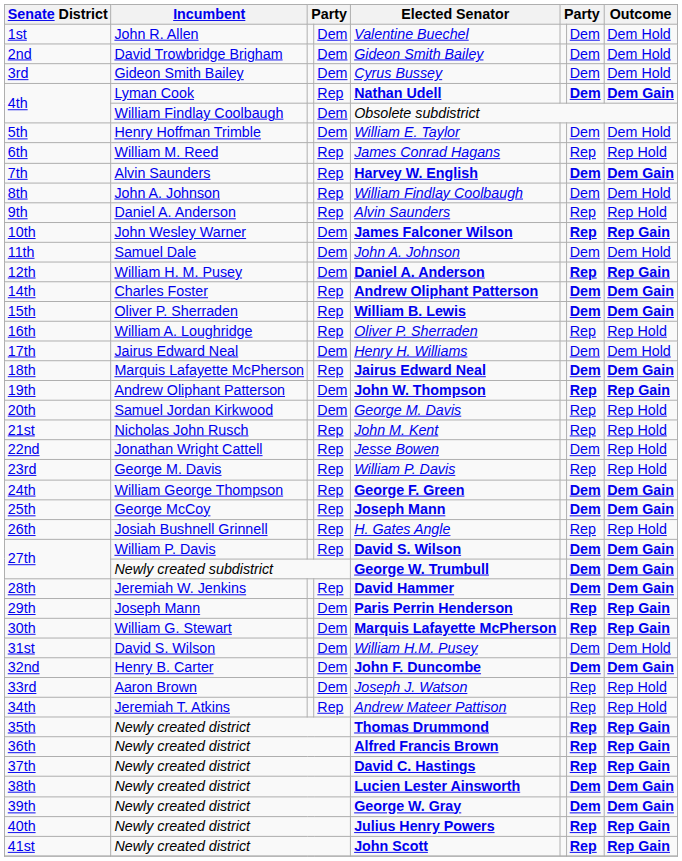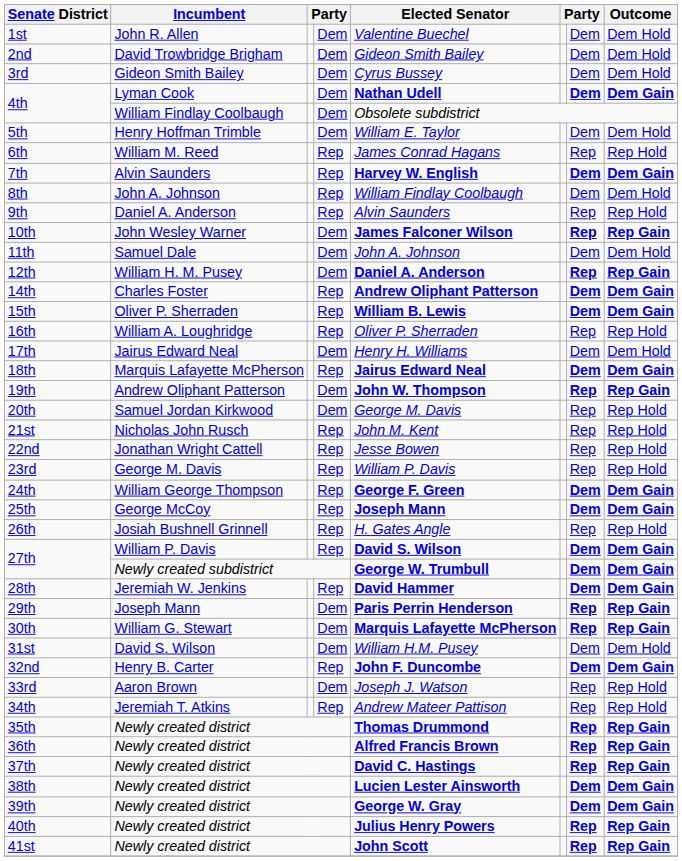 <table class="sortable wikitable" style="font-size:95%;line-height:14px;">
 <tr>
 <th class="sortable"><a href='#'>Senate</a> District</th>
 <th class="sortable"><a href='#'>Incumbent</a></th>
 <th colspan="2">Party</th>
 <th class="sortable">Elected Senator</th>
 <th colspan="2">Party</th>
 <th class="sortable">Outcome</th>
 </tr>
 <tr>
 <td><a href='#'>1st</a></td>
 <td><a href='#'>John R. Allen</a></td>
 <td style="background:"></td>
 <td><a href='#'>Dem</a></td>
 <td><em><a href='#'>Valentine Buechel</a></em></td>
 <td style="background:"></td>
 <td><a href='#'>Dem</a></td>
 <td><a href='#'>Dem Hold</a></td>
 </tr>
 <tr>
 <td><a href='#'>2nd</a></td>
 <td><a href='#'>David Trowbridge Brigham</a></td>
 <td style="background:"></td>
 <td><a href='#'>Dem</a></td>
 <td><em><a href='#'>Gideon Smith Bailey</a></em></td>
 <td style="background:"></td>
 <td><a href='#'>Dem</a></td>
 <td><a href='#'>Dem Hold</a></td>
 </tr>
 <tr>
 <td><a href='#'>3rd</a></td>
 <td><a href='#'>Gideon Smith Bailey</a></td>
 <td style="background:"></td>
 <td><a href='#'>Dem</a></td>
 <td><em><a href='#'>Cyrus Bussey</a></em></td>
 <td style="background:"></td>
 <td><a href='#'>Dem</a></td>
 <td><a href='#'>Dem Hold</a></td>
 </tr>
 <tr>
 <td rowspan="2"><a href='#'>4th</a></td>
 <td><a href='#'>Lyman Cook</a></td>
 <td style="background:"></td>
-<td><a href='#'>Rep</a></td>
+<td><a href='#'>Dem</a></td>
 <td><strong><a href='#'>Nathan Udell</a></strong></td>
 <td style="background:"></td>
 <td><strong><a href='#'>Dem</a></strong></td>
 <td><strong><a href='#'>Dem Gain</a></strong></td>
 </tr>
 <tr>
 <td><a href='#'>William Findlay Coolbaugh</a></td>
 <td style="background:"></td>
 <td><a href='#'>Dem</a></td>
 <td colspan="4" ><em>Obsolete subdistrict</em></td>
 </tr>
 <tr>
 <td><a href='#'>5th</a></td>
 <td><a href='#'>Henry Hoffman Trimble</a></td>
 <td style="background:"></td>
 <td><a href='#'>Dem</a></td>
 <td><em><a href='#'>William E. Taylor</a></em></td>
 <td style="background:"></td>
 <td><a href='#'>Dem</a></td>
 <td><a href='#'>Dem Hold</a></td>
 </tr>
 <tr>
 <td><a href='#'>6th</a></td>
 <td><a href='#'>William M. Reed</a></td>
 <td style="background:"></td>
 <td><a href='#'>Rep</a></td>
 <td><em><a href='#'>James Conrad Hagans</a></em></td>
 <td style="background:"></td>
 <td><a href='#'>Rep</a></td>
 <td><a href='#'>Rep Hold</a></td>
 </tr>
 <tr>
 <td><a href='#'>7th</a></td>
 <td><a href='#'>Alvin Saunders</a></td>
 <td style="background:"></td>
 <td><a href='#'>Rep</a></td>
 <td><strong><a href='#'>Harvey W. English</a></strong></td>
 <td style="background:"></td>
 <td><strong><a href='#'>Dem</a></strong></td>
 <td><strong><a href='#'>Dem Gain</a></strong></td>
 </tr>
 <tr>
 <td><a href='#'>8th</a></td>
 <td><a href='#'>John A. Johnson</a></td>
 <td style="background:"></td>
 <td><a href='#'>Rep</a></td>
 <td><em><a href='#'>William Findlay Coolbaugh</a></em></td>
 <td style="background:"></td>
 <td><a href='#'>Dem</a></td>
 <td><a href='#'>Dem Hold</a></td>
 </tr>
 <tr>
 <td><a href='#'>9th</a></td>
 <td><a href='#'>Daniel A. Anderson</a></td>
 <td style="background:"></td>
 <td><a href='#'>Rep</a></td>
 <td><em><a href='#'>Alvin Saunders</a></em></td>
 <td style="background:"></td>
 <td><a href='#'>Rep</a></td>
 <td><a href='#'>Rep Hold</a></td>
 </tr>
 <tr>
 <td><a href='#'>10th</a></td>
 <td><a href='#'>John Wesley Warner</a></td>
 <td style="background:"></td>
 <td><a href='#'>Dem</a></td>
 <td><strong><a href='#'>James Falconer Wilson</a></strong></td>
 <td style="background:"></td>
 <td><strong><a href='#'>Rep</a></strong></td>
 <td><strong><a href='#'>Rep Gain</a></strong></td>
 </tr>
 <tr>
 <td><a href='#'>11th</a></td>
 <td><a href='#'>Samuel Dale</a></td>
 <td style="background:"></td>
 <td><a href='#'>Dem</a></td>
 <td><em><a href='#'>John A. Johnson</a></em></td>
 <td style="background:"></td>
 <td><a href='#'>Dem</a></td>
 <td><a href='#'>Dem Hold</a></td>
 </tr>
 <tr>
 <td><a href='#'>12th</a></td>
 <td><a href='#'>William H. M. Pusey</a></td>
 <td style="background:"></td>
 <td><a href='#'>Dem</a></td>
 <td><strong><a href='#'>Daniel A. Anderson</a></strong></td>
 <td style="background:"></td>
 <td><strong><a href='#'>Rep</a></strong></td>
 <td><strong><a href='#'>Rep Gain</a></strong></td>
 </tr>
 <tr>
 <td><a href='#'>14th</a></td>
 <td><a href='#'>Charles Foster</a></td>
 <td style="background:"></td>
 <td><a href='#'>Rep</a></td>
 <td><strong><a href='#'>Andrew Oliphant Patterson</a></strong></td>
 <td style="background:"></td>
 <td><strong><a href='#'>Dem</a></strong></td>
 <td><strong><a href='#'>Dem Gain</a></strong></td>
 </tr>
 <tr>
 <td><a href='#'>15th</a></td>
 <td><a href='#'>Oliver P. Sherraden</a></td>
 <td style="background:"></td>
 <td><a href='#'>Rep</a></td>
 <td><strong><a href='#'>William B. Lewis</a></strong></td>
 <td style="background:"></td>
 <td><strong><a href='#'>Dem</a></strong></td>
 <td><strong><a href='#'>Dem Gain</a></strong></td>
 </tr>
 <tr>
 <td><a href='#'>16th</a></td>
 <td><a href='#'>William A. Loughridge</a></td>
 <td style="background:"></td>
 <td><a href='#'>Rep</a></td>
 <td><em><a href='#'>Oliver P. Sherraden</a></em></td>
 <td style="background:"></td>
 <td><a href='#'>Rep</a></td>
 <td><a href='#'>Rep Hold</a></td>
 </tr>
 <tr>
 <td><a href='#'>17th</a></td>
 <td><a href='#'>Jairus Edward Neal</a></td>
 <td style="background:"></td>
 <td><a href='#'>Dem</a></td>
 <td><em><a href='#'>Henry H. Williams</a></em></td>
 <td style="background:"></td>
 <td><a href='#'>Dem</a></td>
 <td><a href='#'>Dem Hold</a></td>
 </tr>
 <tr>
 <td><a href='#'>18th</a></td>
 <td><a href='#'>Marquis Lafayette McPherson</a></td>
 <td style="background:"></td>
 <td><a href='#'>Rep</a></td>
 <td><strong><a href='#'>Jairus Edward Neal</a></strong></td>
 <td style="background:"></td>
 <td><strong><a href='#'>Dem</a></strong></td>
 <td><strong><a href='#'>Dem Gain</a></strong></td>
 </tr>
 <tr>
 <td><a href='#'>19th</a></td>
 <td><a href='#'>Andrew Oliphant Patterson</a></td>
 <td style="background:"></td>
 <td><a href='#'>Dem</a></td>
 <td><strong><a href='#'>John W. Thompson</a></strong></td>
 <td style="background:"></td>
 <td><strong><a href='#'>Rep</a></strong></td>
 <td><strong><a href='#'>Rep Gain</a></strong></td>
 </tr>
 <tr>
 <td><a href='#'>20th</a></td>
 <td><a href='#'>Samuel Jordan Kirkwood</a></td>
 <td style="background:"></td>
 <td><a href='#'>Dem</a></td>
 <td><em><a href='#'>George M. Davis</a></em></td>
 <td style="background:"></td>
 <td><a href='#'>Rep</a></td>
 <td><a href='#'>Rep Hold</a></td>
 </tr>
 <tr>
 <td><a href='#'>21st</a></td>
 <td><a href='#'>Nicholas John Rusch</a></td>
 <td style="background:"></td>
 <td><a href='#'>Rep</a></td>
 <td><em><a href='#'>John M. Kent</a></em></td>
 <td style="background:"></td>
 <td><a href='#'>Rep</a></td>
 <td><a href='#'>Rep Hold</a></td>
 </tr>
 <tr>
 <td><a href='#'>22nd</a></td>
 <td><a href='#'>Jonathan Wright Cattell</a></td>
 <td style="background:"></td>
 <td><a href='#'>Rep</a></td>
 <td><em><a href='#'>Jesse Bowen</a></em></td>
 <td style="background:"></td>
-<td><a href='#'>Dem</a></td>
+<td><a href='#'>Rep</a></td>
 <td><a href='#'>Rep Hold</a></td>
 </tr>
 <tr>
 <td><a href='#'>23rd</a></td>
 <td><a href='#'>George M. Davis</a></td>
 <td style="background:"></td>
 <td><a href='#'>Rep</a></td>
 <td><em><a href='#'>William P. Davis</a></em></td>
 <td style="background:"></td>
 <td><a href='#'>Rep</a></td>
 <td><a href='#'>Rep Hold</a></td>
 </tr>
 <tr>
 <td><a href='#'>24th</a></td>
 <td><a href='#'>William George Thompson</a></td>
 <td style="background:"></td>
 <td><a href='#'>Rep</a></td>
 <td><strong><a href='#'>George F. Green</a></strong></td>
 <td style="background:"></td>
 <td><strong><a href='#'>Dem</a></strong></td>
 <td><strong><a href='#'>Dem Gain</a></strong></td>
 </tr>
 <tr>
 <td><a href='#'>25th</a></td>
 <td><a href='#'>George McCoy</a></td>
 <td style="background:"></td>
 <td><a href='#'>Rep</a></td>
 <td><strong><a href='#'>Joseph Mann</a></strong></td>
 <td style="background:"></td>
 <td><strong><a href='#'>Dem</a></strong></td>
 <td><strong><a href='#'>Dem Gain</a></strong></td>
 </tr>
 <tr>
 <td><a href='#'>26th</a></td>
 <td><a href='#'>Josiah Bushnell Grinnell</a></td>
 <td style="background:"></td>
 <td><a href='#'>Rep</a></td>
 <td><em><a href='#'>H. Gates Angle</a></em></td>
 <td style="background:"></td>
 <td><a href='#'>Rep</a></td>
 <td><a href='#'>Rep Hold</a></td>
 </tr>
 <tr>
 <td rowspan="2"><a href='#'>27th</a></td>
 <td><a href='#'>William P. Davis</a></td>
 <td style="background:"></td>
 <td><a href='#'>Rep</a></td>
 <td><strong><a href='#'>David S. Wilson</a></strong></td>
 <td style="background:"></td>
 <td><strong><a href='#'>Dem</a></strong></td>
 <td><strong><a href='#'>Dem Gain</a></strong></td>
 </tr>
 <tr>
 <td colspan="3" ><em>Newly created subdistrict</em></td>
 <td><strong><a href='#'>George W. Trumbull</a></strong></td>
 <td style="background:"></td>
 <td><strong><a href='#'>Dem</a></strong></td>
 <td><strong><a href='#'>Dem Gain</a></strong></td>
 </tr>
 <tr>
 <td><a href='#'>28th</a></td>
 <td><a href='#'>Jeremiah W. Jenkins</a></td>
 <td style="background:"></td>
 <td><a href='#'>Rep</a></td>
 <td><strong><a href='#'>David Hammer</a></strong></td>
 <td style="background:"></td>
 <td><strong><a href='#'>Dem</a></strong></td>
 <td><strong><a href='#'>Dem Gain</a></strong></td>
 </tr>
 <tr>
 <td><a href='#'>29th</a></td>
 <td><a href='#'>Joseph Mann</a></td>
 <td style="background:"></td>
 <td><a href='#'>Dem</a></td>
 <td><strong><a href='#'>Paris Perrin Henderson</a></strong></td>
 <td style="background:"></td>
 <td><strong><a href='#'>Rep</a></strong></td>
 <td><strong><a href='#'>Rep Gain</a></strong></td>
 </tr>
 <tr>
 <td><a href='#'>30th</a></td>
 <td><a href='#'>William G. Stewart</a></td>
 <td style="background:"></td>
 <td><a href='#'>Dem</a></td>
 <td><strong><a href='#'>Marquis Lafayette McPherson</a></strong></td>
 <td style="background:"></td>
 <td><strong><a href='#'>Rep</a></strong></td>
 <td><strong><a href='#'>Rep Gain</a></strong></td>
 </tr>
 <tr>
 <td><a href='#'>31st</a></td>
 <td><a href='#'>David S. Wilson</a></td>
 <td style="background:"></td>
 <td><a href='#'>Dem</a></td>
 <td><em><a href='#'>William H.M. Pusey</a></em></td>
 <td style="background:"></td>
 <td><a href='#'>Dem</a></td>
 <td><a href='#'>Dem Hold</a></td>
 </tr>
 <tr>
 <td><a href='#'>32nd</a></td>
 <td><a href='#'>Henry B. Carter</a></td>
 <td style="background:"></td>
-<td><a href='#'>Dem</a></td>
+<td><a href='#'>Rep</a></td>
 <td><strong><a href='#'>John F. Duncombe</a></strong></td>
 <td style="background:"></td>
 <td><strong><a href='#'>Dem</a></strong></td>
 <td><strong><a href='#'>Dem Gain</a></strong></td>
 </tr>
 <tr>
 <td><a href='#'>33rd</a></td>
 <td><a href='#'>Aaron Brown</a></td>
 <td style="background:"></td>
 <td><a href='#'>Dem</a></td>
 <td><em><a href='#'>Joseph J. Watson</a></em></td>
 <td style="background:"></td>
 <td><a href='#'>Rep</a></td>
 <td><a href='#'>Rep Hold</a></td>
 </tr>
 <tr>
 <td><a href='#'>34th</a></td>
 <td><a href='#'>Jeremiah T. Atkins</a></td>
 <td style="background:"></td>
 <td><a href='#'>Rep</a></td>
 <td><em><a href='#'>Andrew Mateer Pattison</a></em></td>
 <td style="background:"></td>
 <td><a href='#'>Rep</a></td>
 <td><a href='#'>Rep Hold</a></td>
 </tr>
 <tr>
 <td><a href='#'>35th</a></td>
 <td colspan="3" ><em>Newly created district</em></td>
 <td><strong><a href='#'>Thomas Drummond</a></strong></td>
 <td style="background:"></td>
 <td><strong><a href='#'>Rep</a></strong></td>
 <td><strong><a href='#'>Rep Gain</a></strong></td>
 </tr>
 <tr>
 <td><a href='#'>36th</a></td>
 <td colspan="3" ><em>Newly created district</em></td>
 <td><strong><a href='#'>Alfred Francis Brown</a></strong></td>
 <td style="background:"></td>
 <td><strong><a href='#'>Rep</a></strong></td>
 <td><strong><a href='#'>Rep Gain</a></strong></td>
 </tr>
 <tr>
 <td><a href='#'>37th</a></td>
 <td colspan="3" ><em>Newly created district</em></td>
 <td><strong><a href='#'>David C. Hastings</a></strong></td>
 <td style="background:"></td>
 <td><strong><a href='#'>Rep</a></strong></td>
 <td><strong><a href='#'>Rep Gain</a></strong></td>
 </tr>
 <tr>
 <td><a href='#'>38th</a></td>
 <td colspan="3" ><em>Newly created district</em></td>
 <td><strong><a href='#'>Lucien Lester Ainsworth</a></strong></td>
 <td style="background:"></td>
 <td><strong><a href='#'>Dem</a></strong></td>
 <td><strong><a href='#'>Dem Gain</a></strong></td>
 </tr>
 <tr>
 <td><a href='#'>39th</a></td>
 <td colspan="3" ><em>Newly created district</em></td>
 <td><strong><a href='#'>George W. Gray</a></strong></td>
 <td style="background:"></td>
 <td><strong><a href='#'>Dem</a></strong></td>
 <td><strong><a href='#'>Dem Gain</a></strong></td>
 </tr>
 <tr>
 <td><a href='#'>40th</a></td>
 <td colspan="3" ><em>Newly created district</em></td>
 <td><strong><a href='#'>Julius Henry Powers</a></strong></td>
 <td style="background:"></td>
 <td><strong><a href='#'>Rep</a></strong></td>
 <td><strong><a href='#'>Rep Gain</a></strong></td>
 </tr>
 <tr>
 <td><a href='#'>41st</a></td>
 <td colspan="3" ><em>Newly created district</em></td>
 <td><strong><a href='#'>John Scott</a></strong></td>
 <td style="background:"></td>
 <td><strong><a href='#'>Rep</a></strong></td>
 <td><strong><a href='#'>Rep Gain</a></strong></td>
 </tr>
 <tr>
 </tr>
 </table>
